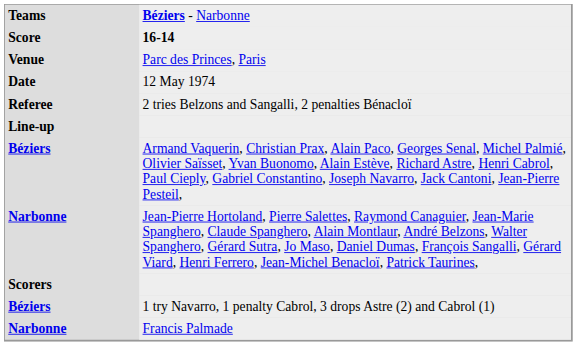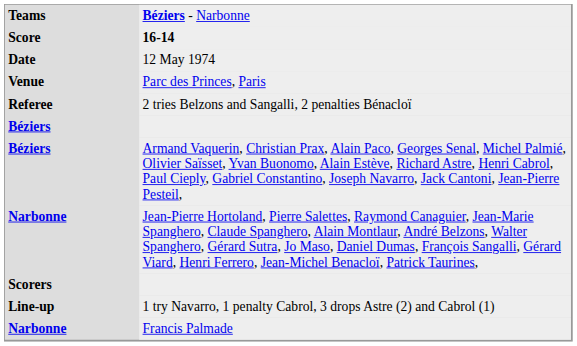 <table align="left" cellpadding="4" cellspacing="0"  style="margin: 0 0 0 0; border: 1px solid #999; border-right-width: 2px; border-bottom-width: 2px; background-color: #DDDDDD">
 <tr>
 <td width="150" valign="top"><strong>Teams</strong></td>
 <td width="500" bgcolor=#EEEEEE><strong><a href='#'>Béziers</a> </strong> - <a href='#'>Narbonne</a></td>
 </tr>
 <tr>
 <td valign="top"><strong>Score</strong></td>
 <td bgcolor=#EEEEEE><strong>16-14</strong></td>
 </tr>
 <tr>
+<td valign="top"><strong>Date</strong></td>
+<td bgcolor=#EEEEEE>12 May 1974</td>
+</tr>
+<tr>
 <td valign="top"><strong>Venue</strong></td>
 <td bgcolor=#EEEEEE><a href='#'>Parc des Princes</a>, <a href='#'>Paris</a></td>
-</tr>
-<tr>
-<td valign="top"><strong>Date</strong></td>
-<td bgcolor=#EEEEEE>12 May 1974</td>
 </tr>
 <tr>
 <td valign="top"><strong>Referee</strong></td>
 <td bgcolor=#EEEEEE>2 tries Belzons and Sangalli, 2 penalties  Bénacloï</td>
 </tr>
 <tr>
-<td valign="top"><strong>Line-up</strong></td>
+<td valign="top"><strong> <a href='#'>Béziers</a> </strong></td>
 <td bgcolor=#EEEEEE></td>
 </tr>
 <tr>
 <td valign="top"><strong> <a href='#'>Béziers</a> </strong></td>
 <td bgcolor=#EEEEEE><a href='#'>Armand Vaquerin</a>, <a href='#'>Christian Prax</a>, <a href='#'>Alain Paco</a>, <a href='#'>Georges Senal</a>, <a href='#'>Michel Palmié</a>, <a href='#'>Olivier Saïsset</a>, <a href='#'>Yvan Buonomo</a>, <a href='#'>Alain Estève</a>, <a href='#'>Richard Astre</a>, <a href='#'>Henri Cabrol</a>, <a href='#'>Paul Cieply</a>, <a href='#'>Gabriel Constantino</a>, <a href='#'>Joseph Navarro</a>, <a href='#'>Jack Cantoni</a>, <a href='#'>Jean-Pierre Pesteil</a>,</td>
 </tr>
 <tr>
 <td valign="top"><strong><a href='#'>Narbonne</a></strong></td>
 <td bgcolor=#EEEEEE><a href='#'>Jean-Pierre Hortoland</a>, <a href='#'>Pierre Salettes</a>, <a href='#'>Raymond Canaguier</a>, <a href='#'>Jean-Marie Spanghero</a>, <a href='#'>Claude Spanghero</a>, <a href='#'>Alain Montlaur</a>, <a href='#'>André Belzons</a>, <a href='#'>Walter Spanghero</a>, <a href='#'>Gérard Sutra</a>, <a href='#'>Jo Maso</a>, <a href='#'>Daniel Dumas</a>, <a href='#'>François Sangalli</a>, <a href='#'>Gérard Viard</a>, <a href='#'>Henri Ferrero</a>, <a href='#'>Jean-Michel Benacloï</a>, <a href='#'>Patrick Taurines</a>,</td>
 </tr>
 <tr>
 <td valign="top"><strong>Scorers</strong></td>
 <td bgcolor=#EEEEEE></td>
 </tr>
 <tr>
-<td valign="top"><strong> <a href='#'>Béziers</a> </strong></td>
+<td valign="top"><strong>Line-up</strong></td>
 <td bgcolor=#EEEEEE>1 try Navarro, 1 penalty Cabrol, 3 drops Astre (2) and Cabrol (1)</td>
 </tr>
 <tr>
 <td valign="top"><strong><a href='#'>Narbonne</a></strong></td>
 <td bgcolor=#EEEEEE><a href='#'>Francis Palmade</a></td>
 </tr>
 </table>
